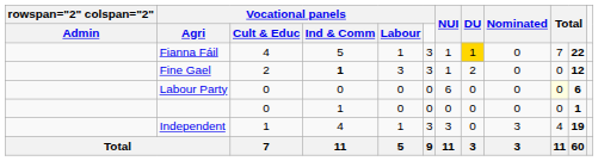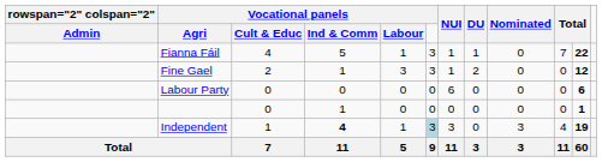 <table class="wikitable">
 <tr>
 <th>rowspan="2" colspan="2" </th>
 <th scope="col" colspan="5"><a href='#'>Vocational panels</a></th>
 <th rowspan="2"><a href='#'>NUI</a></th>
 <th rowspan="2"><a href='#'>DU</a></th>
 <th rowspan="2"><a href='#'>Nominated</a></th>
 <th rowspan="2" colspan="2">Total</th>
 </tr>
 <tr>
 <th scope="col"><a href='#'>Admin</a></th>
 <th scope="col"><a href='#'>Agri</a></th>
 <th scope="col"><a href='#'>Cult & Educ</a></th>
 <th scope="col"><a href='#'>Ind & Comm</a></th>
 <th scope="col"><a href='#'>Labour</a></th>
 </tr>
 <tr style="text-align:center">
 <td style="background-color: "></td>
 <td align="left"><a href='#'>Fianna Fáil</a></td>
 <td>4</td>
 <td>5</td>
 <td>1</td>
 <td>3</td>
 <td>1</td>
-<td style="background: gold;">1</td>
+<td>1</td>
 <td>0</td>
 <td>7</td>
 <td><strong>22</strong></td>
 <td style="background-color: "></td>
 </tr>
 <tr style="text-align:center">
 <td style="background-color: "></td>
 <td align="left"><a href='#'>Fine Gael</a></td>
 <td>2</td>
-<td><strong>1</strong></td>
+<td>1</td>
 <td>3</td>
 <td>3</td>
 <td>1</td>
 <td>2</td>
 <td>0</td>
 <td>0</td>
 <td><strong>12</strong></td>
 <td style="background-color: "></td>
 </tr>
 <tr style="text-align:center">
 <td style="background-color: "></td>
 <td align="left"><a href='#'>Labour Party</a></td>
 <td>0</td>
 <td>0</td>
 <td>0</td>
 <td>0</td>
 <td>6</td>
 <td>0</td>
 <td>0</td>
-<td style="background: lightyellow;">0</td>
+<td>0</td>
 <td><strong>6</strong></td>
 <td style="background-color: "></td>
 </tr>
 <tr style="text-align:center">
 <td style="background-color: "></td>
 <td align="left"></td>
 <td>0</td>
 <td>1</td>
 <td>0</td>
 <td>0</td>
 <td>0</td>
 <td>0</td>
 <td>0</td>
 <td>0</td>
 <td><strong>1</strong></td>
 <td style="background-color: "></td>
 </tr>
 <tr style="text-align:center">
 <td style="background-color: "></td>
 <td align="left"><a href='#'>Independent</a></td>
 <td>1</td>
-<td>4</td>
+<td><strong>4</strong></td>
 <td>1</td>
-<td>3</td>
+<td style="background: lightblue;">3</td>
 <td>3</td>
 <td>0</td>
 <td>3</td>
 <td>4</td>
 <td><strong>19</strong></td>
 <td style="background-color: "></td>
 </tr>
 <tr style="text-align:center">
 <th colspan="2">Total</th>
 <th>7</th>
 <th>11</th>
 <th>5</th>
 <th>9</th>
 <th>11</th>
 <th>3</th>
 <th>3</th>
 <th>11</th>
 <th>60</th>
 <th></th>
 </tr>
 </table>
